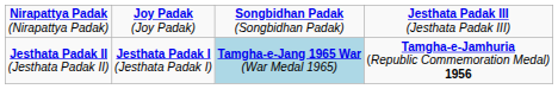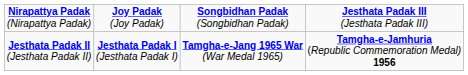 <table class="wikitable" style="margin:1em auto; text-align:center;">
 <tr>
 <td><strong><a href='#'>Nirapattya Padak</a></strong><br><em>(Nirapattya Padak)</em></td>
 <td><strong><a href='#'>Joy Padak</a></strong><br><em>(Joy Padak)</em></td>
 <td><strong><a href='#'>Songbidhan Padak</a></strong><br><em>(Songbidhan Padak)</em></td>
 <td><strong><a href='#'>Jesthata Padak III</a></strong><br><em>(Jesthata Padak III)</em></td>
 </tr>
 <tr>
 <td><strong><a href='#'>Jesthata Padak II</a></strong><br><em>(Jesthata Padak II)</em></td>
 <td><strong><a href='#'>Jesthata Padak I</a></strong><br><em>(Jesthata Padak I)</em></td>
-<td style="background: lightblue;"><strong><a href='#'>Tamgha-e-Jang 1965 War</a></strong><br><em>(War Medal 1965)</em></td>
+<td><strong><a href='#'>Tamgha-e-Jang 1965 War</a></strong><br><em>(War Medal 1965)</em></td>
 <td><strong><a href='#'>Tamgha-e-Jamhuria</a></strong><br>(<em>Republic Commemoration Medal)</em><br><strong>1956</strong></td>
 </tr>
 </table>
